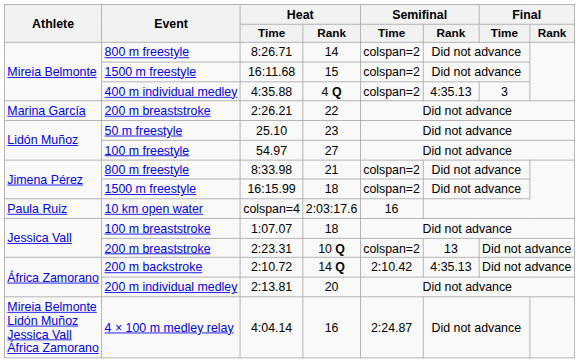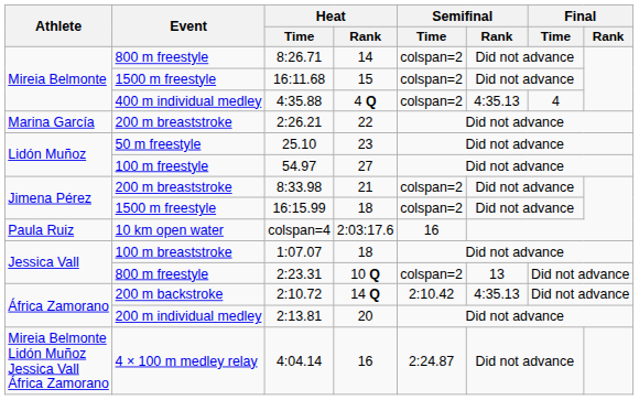 <table class=wikitable style="font-size:90%">
 <tr>
 <th rowspan="2">Athlete</th>
 <th rowspan="2">Event</th>
 <th colspan="2">Heat</th>
 <th colspan="2">Semifinal</th>
 <th colspan="2">Final</th>
 </tr>
 <tr style="font-size:95%">
 <th>Time</th>
 <th>Rank</th>
 <th>Time</th>
 <th>Rank</th>
 <th>Time</th>
 <th>Rank</th>
 </tr>
 <tr align=center>
 <td align=left rowspan=3><a href='#'>Mireia Belmonte</a></td>
 <td align=left><a href='#'>800 m freestyle</a></td>
 <td>8:26.71</td>
 <td>14</td>
 <td>colspan=2 </td>
 <td colspan="2">Did not advance</td>
 </tr>
 <tr align=center>
 <td align=left><a href='#'>1500 m freestyle</a></td>
 <td>16:11.68</td>
 <td>15</td>
 <td>colspan=2 </td>
 <td colspan="2">Did not advance</td>
 </tr>
 <tr align=center>
 <td align=left><a href='#'>400 m individual medley</a></td>
 <td>4:35.88</td>
 <td>4 <strong>Q</strong></td>
 <td>colspan=2 </td>
 <td>4:35.13</td>
-<td>3</td>
+<td>4</td>
 </tr>
 <tr align=center>
 <td align=left><a href='#'>Marina García</a></td>
 <td align=left><a href='#'>200 m breaststroke</a></td>
 <td>2:26.21</td>
 <td>22</td>
 <td colspan="4">Did not advance</td>
 </tr>
 <tr align=center>
 <td align=left rowspan=2><a href='#'>Lidón Muñoz</a></td>
 <td align=left><a href='#'>50 m freestyle</a></td>
 <td>25.10</td>
 <td>23</td>
 <td colspan="4">Did not advance</td>
 </tr>
 <tr align=center>
 <td align=left><a href='#'>100 m freestyle</a></td>
 <td>54.97</td>
 <td>27</td>
 <td colspan="4">Did not advance</td>
 </tr>
 <tr align=center>
 <td align=left rowspan = 2><a href='#'>Jimena Pérez</a></td>
-<td align=left><a href='#'>800 m freestyle</a></td>
+<td align=left><a href='#'>200 m breaststroke</a></td>
 <td>8:33.98</td>
 <td>21</td>
 <td>colspan=2 </td>
 <td colspan="2">Did not advance</td>
 </tr>
 <tr align=center>
 <td align=left><a href='#'>1500 m freestyle</a></td>
 <td>16:15.99</td>
 <td>18</td>
 <td>colspan=2 </td>
 <td colspan="2">Did not advance</td>
 </tr>
 <tr align=center>
 <td align=left><a href='#'>Paula Ruiz</a></td>
 <td align=left><a href='#'>10 km open water</a></td>
 <td>colspan=4 </td>
 <td>2:03:17.6</td>
 <td>16</td>
 </tr>
 <tr align=center>
 <td align=left rowspan=2><a href='#'>Jessica Vall</a></td>
 <td align=left><a href='#'>100 m breaststroke</a></td>
 <td>1:07.07</td>
 <td>18</td>
 <td colspan="4">Did not advance</td>
 </tr>
 <tr align=center>
-<td align=left><a href='#'>200 m breaststroke</a></td>
+<td align=left><a href='#'>800 m freestyle</a></td>
 <td>2:23.31</td>
 <td>10 <strong>Q</strong></td>
 <td>colspan=2 </td>
 <td>13</td>
 <td colspan="2">Did not advance</td>
 </tr>
 <tr align=center>
 <td align=left rowspan=2><a href='#'>África Zamorano</a></td>
 <td align=left><a href='#'>200 m backstroke</a></td>
 <td>2:10.72</td>
 <td>14 <strong>Q</strong></td>
 <td>2:10.42</td>
 <td>4:35.13</td>
 <td colspan="2">Did not advance</td>
 </tr>
 <tr align=center>
 <td align=left><a href='#'>200 m individual medley</a></td>
 <td>2:13.81</td>
 <td>20</td>
 <td colspan="4">Did not advance</td>
 </tr>
 <tr align=center>
 <td align=left><a href='#'>Mireia Belmonte</a><br><a href='#'>Lidón Muñoz</a><br><a href='#'>Jessica Vall</a><br><a href='#'>África Zamorano</a></td>
 <td align=left><a href='#'>4 × 100 m medley relay</a></td>
 <td>4:04.14</td>
 <td>16</td>
 <td>2:24.87</td>
 <td colspan="2">Did not advance</td>
 </tr>
 </table>
